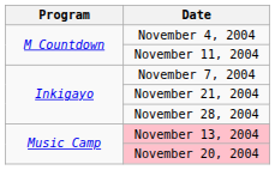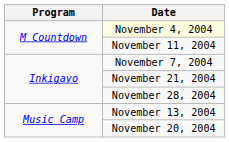 <table class="wikitable" style="text-align:center">
 <tr>
 <th width="120">Program</th>
 <th width="150">Date</th>
 </tr>
 <tr>
 <td rowspan="2"><em><a href='#'>M Countdown</a></em></td>
-<td>November 4, 2004</td>
+<td style="background: lightyellow;">November 4, 2004</td>
 </tr>
 <tr>
 <td>November 11, 2004</td>
 </tr>
 <tr>
 <td rowspan="3"><em><a href='#'>Inkigayo</a></em></td>
 <td>November 7, 2004</td>
 </tr>
 <tr>
 <td>November 21, 2004</td>
 </tr>
 <tr>
 <td>November 28, 2004</td>
 </tr>
 <tr>
 <td rowspan="2"><em><a href='#'>Music Camp</a></em></td>
-<td style="background: pink;">November 13, 2004</td>
+<td>November 13, 2004</td>
 </tr>
 <tr>
-<td style="background: pink;">November 20, 2004</td>
+<td>November 20, 2004</td>
 </tr>
 </table>
